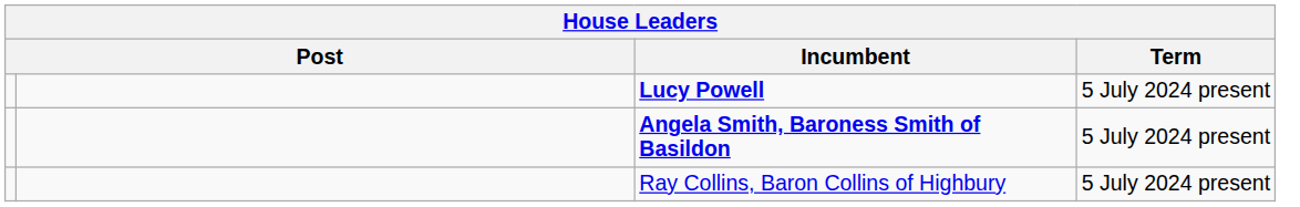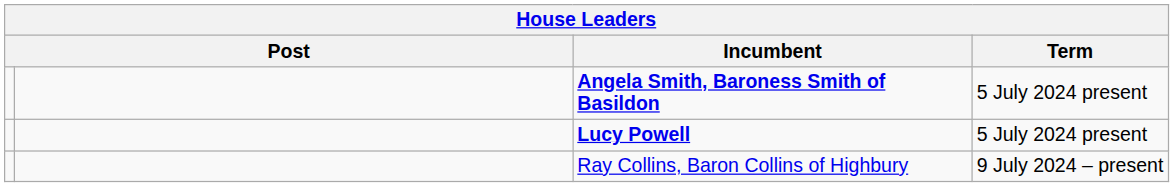 <table class="wikitable">
 <tr>
 <th colspan="4"><a href='#'>House Leaders</a></th>
 </tr>
 <tr>
 <th colspan="2">Post</th>
 <th>Incumbent</th>
 <th>Term</th>
 </tr>
 <tr>
+<td style="width: 1px; background: "></td>
+<td style="width: 450px;"></td>
+<td><strong><a href='#'>Angela Smith, Baroness Smith of Basildon</a></strong></td>
+<td>5 July 2024 present</td>
+</tr>
+<tr>
 <td rowspan=1 style="width: 1px; background: "></td>
 <td rowspan=1 style="width: 450px;"></td>
 <td style="width: 320px;"><strong><a href='#'>Lucy Powell</a></strong></td>
 <td>5 July 2024 present</td>
 </tr>
 <tr>
 <td style="width: 1px; background: "></td>
-<td style="width: 450px;"></td>
-<td><strong><a href='#'>Angela Smith, Baroness Smith of Basildon</a></strong></td>
-<td>5 July 2024 present</td>
-</tr>
-<tr>
-<td style="width: 1px; background: "></td>
 <td></td>
 <td style="width: 320px;"><a href='#'>Ray Collins, Baron Collins of Highbury</a></td>
-<td>5 July 2024 present</td>
+<td>9 July 2024 – present</td>
 </tr>
 </table>
